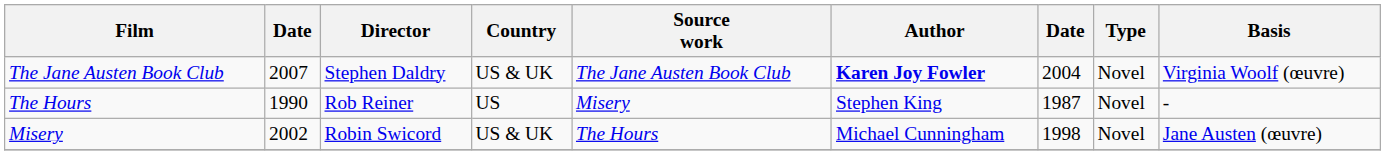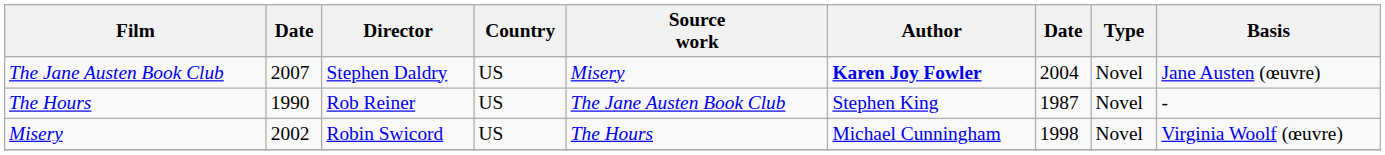 <table class="wikitable" style=width:90%>
 <tr bgcolor="#CCCCCC">
 <th>Film</th>
 <th>Date</th>
 <th>Director</th>
 <th>Country</th>
 <th>Source<br>work</th>
 <th>Author</th>
 <th>Date</th>
 <th>Type</th>
 <th>Basis</th>
 </tr>
 <tr>
 <td><em><a href='#'>The Jane Austen Book Club</a></em></td>
 <td>2007</td>
 <td><a href='#'>Stephen Daldry</a></td>
-<td>US & UK</td>
-<td><em><a href='#'>The Jane Austen Book Club</a></em></td>
+<td>US</td>
+<td><em><a href='#'>Misery</a></em></td>
 <td><strong><a href='#'>Karen Joy Fowler</a></strong></td>
 <td>2004</td>
 <td>Novel</td>
-<td><a href='#'>Virginia Woolf</a> (œuvre)</td>
+<td><a href='#'>Jane Austen</a> (œuvre)</td>
 </tr>
 <tr>
 <td><em><a href='#'>The Hours</a></em></td>
 <td>1990</td>
 <td><a href='#'>Rob Reiner</a></td>
 <td>US</td>
-<td><em><a href='#'>Misery</a></em></td>
+<td><em><a href='#'>The Jane Austen Book Club</a></em></td>
 <td><a href='#'>Stephen King</a></td>
 <td>1987</td>
 <td>Novel</td>
 <td>-</td>
 </tr>
 <tr>
 <td><em><a href='#'>Misery</a></em></td>
 <td>2002</td>
 <td><a href='#'>Robin Swicord</a></td>
-<td>US & UK</td>
+<td>US</td>
 <td><em><a href='#'>The Hours</a></em></td>
 <td><a href='#'>Michael Cunningham</a></td>
 <td>1998</td>
 <td>Novel</td>
-<td><a href='#'>Jane Austen</a> (œuvre)</td>
+<td><a href='#'>Virginia Woolf</a> (œuvre)</td>
 </tr>
 <tr>
 </tr>
 </table>
